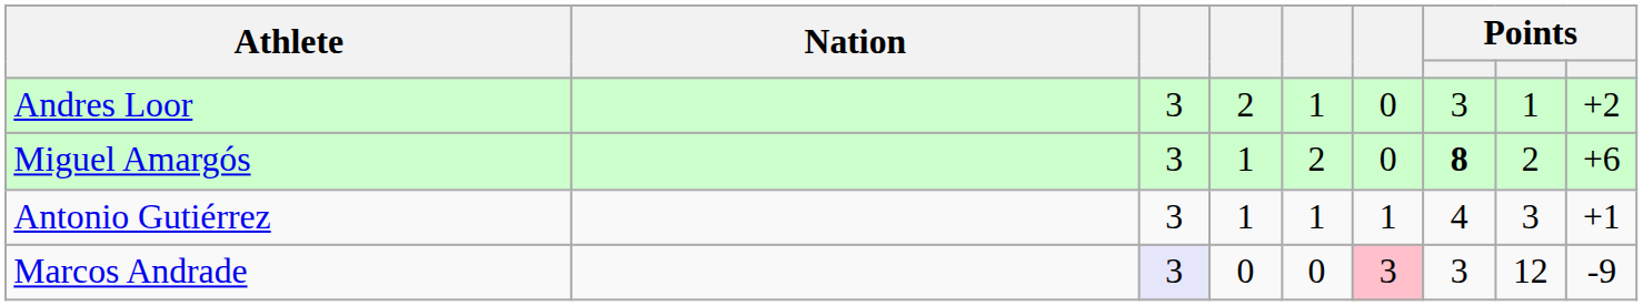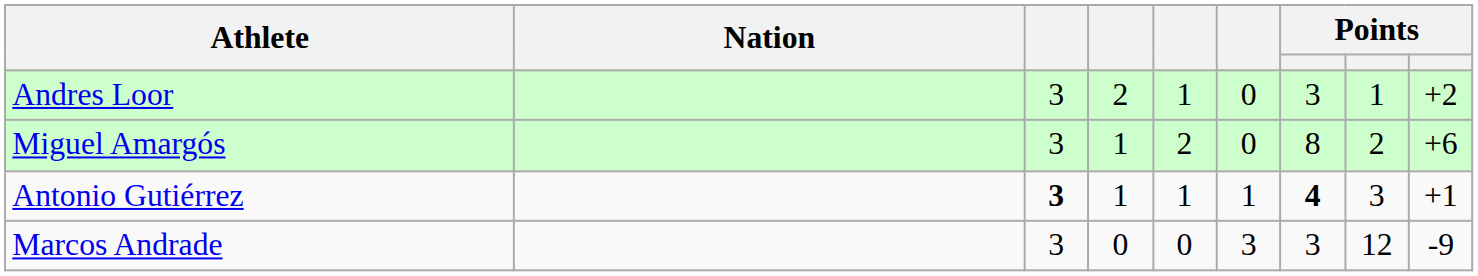 <table class="wikitable" style="text-align: center; font-size:100% ">
 <tr>
 <th rowspan=2 width=250>Athlete</th>
 <th rowspan=2 width=250>Nation</th>
 <th rowspan=2 width=25></th>
 <th rowspan=2 width=25></th>
 <th rowspan=2 width=25></th>
 <th rowspan=2 width=25></th>
 <th colspan=3>Points</th>
 </tr>
 <tr>
 <th width=25></th>
 <th width=25></th>
 <th width=25></th>
 </tr>
 <tr bgcolor="ccffcc">
 <td align=left><a href='#'>Andres Loor</a></td>
 <td align=left></td>
 <td>3</td>
 <td>2</td>
 <td>1</td>
 <td>0</td>
 <td>3</td>
 <td>1</td>
 <td>+2</td>
 </tr>
 <tr bgcolor="ccffcc">
 <td align=left><a href='#'>Miguel Amargós</a></td>
 <td align=left></td>
 <td>3</td>
 <td>1</td>
 <td>2</td>
 <td>0</td>
-<td><strong>8</strong></td>
+<td>8</td>
 <td>2</td>
 <td>+6</td>
 </tr>
 <tr>
 <td align=left><a href='#'>Antonio Gutiérrez</a></td>
 <td align=left></td>
-<td>3</td>
+<td><strong>3</strong></td>
 <td>1</td>
 <td>1</td>
 <td>1</td>
-<td>4</td>
+<td><strong>4</strong></td>
 <td>3</td>
 <td>+1</td>
 </tr>
 <tr>
 <td align=left><a href='#'>Marcos Andrade</a></td>
 <td align=left></td>
-<td style="background: lavender;">3</td>
+<td>3</td>
 <td>0</td>
 <td>0</td>
-<td style="background: pink;">3</td>
+<td>3</td>
 <td>3</td>
 <td>12</td>
 <td>-9</td>
 </tr>
 </table>
